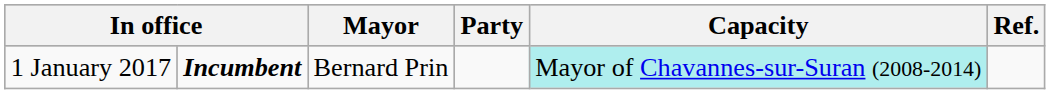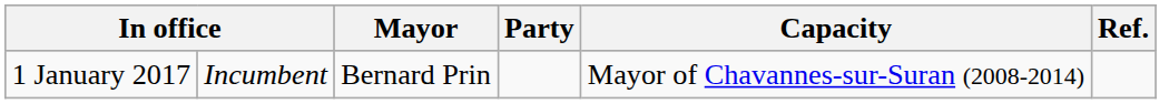 <table class="wikitable">
 <tr>
 <th colspan="2">In office</th>
 <th>Mayor</th>
 <th>Party</th>
 <th>Capacity</th>
 <th>Ref.</th>
 </tr>
 <tr>
 <td>1 January 2017</td>
-<td><strong><em>Incumbent</em></strong></td>
+<td><em>Incumbent</em></td>
 <td>Bernard Prin</td>
 <td></td>
-<td style="background: paleturquoise;">Mayor of <a href='#'>Chavannes-sur-Suran</a> <small>(2008-2014)</small></td>
+<td>Mayor of <a href='#'>Chavannes-sur-Suran</a> <small>(2008-2014)</small></td>
 <td></td>
 </tr>
 </table>
